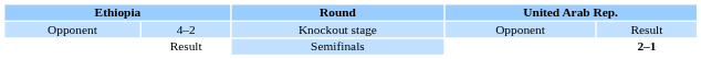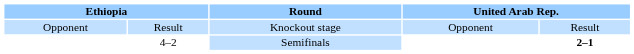 <table style="width:70%; text-align:center;">
 <tr style="vertical-align:top; background:#9cf;">
 <th colspan=2 style="width:1*">Ethiopia</th>
 <th><strong>Round</strong></th>
 <th colspan=2 style="width:1*">United Arab Rep.</th>
 </tr>
 <tr style="vertical-align:top; background:#c1e0ff;">
 <td>Opponent</td>
-<td>4–2</td>
+<td>Result</td>
 <td>Knockout stage</td>
 <td>Opponent</td>
 <td>Result</td>
 </tr>
 <tr>
 <td align=left></td>
-<td>Result</td>
+<td>4–2</td>
 <td style="background:#c1e0ff;">Semifinals</td>
 <td align=left></td>
 <td><strong>2–1</strong></td>
 </tr>
 </table>
